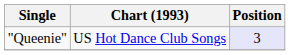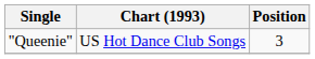 <table class="wikitable" border="1">
 <tr>
 <th>Single</th>
 <th>Chart (1993)</th>
 <th>Position</th>
 </tr>
 <tr>
 <td rowspan="1">"Queenie"</td>
 <td>US <a href='#'>Hot Dance Club Songs</a></td>
-<td align="center" style="background: lavender;">3</td>
+<td align="center">3</td>
 </tr>
 <tr>
 </tr>
 </table>
